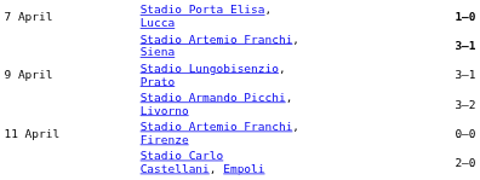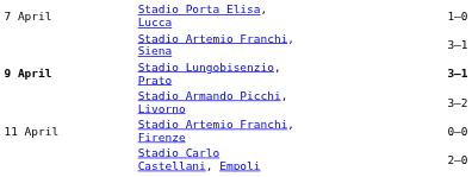 <table cellspacing=1 width=70%>
 <tr>
 <th width=25%></th>
 <th width=30%></th>
 <th width=15%></th>
 <th width=30%></th>
 </tr>
 <tr>
 <td>7 April</td>
 <td><a href='#'>Stadio Porta Elisa</a>, <a href='#'>Lucca</a></td>
 <td align=right></td>
-<td align=center><strong>1–0</strong></td>
+<td align=center>1–0</td>
 <td></td>
 </tr>
 <tr>
 <td></td>
 <td><a href='#'> Stadio Artemio Franchi</a>, <a href='#'>Siena</a></td>
 <td align=right></td>
-<td align=center><strong>3–1</strong></td>
+<td align=center>3–1</td>
 <td></td>
 </tr>
 <tr>
-<td>9 April</td>
+<td><strong>9 April</strong></td>
 <td><a href='#'>Stadio Lungobisenzio</a>, <a href='#'>Prato</a></td>
 <td align=right></td>
-<td align=center>3–1</td>
+<td align=center><strong>3–1</strong></td>
 <td></td>
 </tr>
 <tr>
 <td></td>
 <td><a href='#'>Stadio Armando Picchi</a>, <a href='#'>Livorno</a></td>
 <td align=right></td>
 <td align=center>3–2</td>
 <td></td>
 </tr>
 <tr>
 <td>11 April</td>
 <td><a href='#'>Stadio Artemio Franchi</a>, <a href='#'>Firenze</a></td>
 <td align=right></td>
 <td align=center>0–0</td>
 <td></td>
 </tr>
 <tr>
 <td></td>
 <td><a href='#'>Stadio Carlo Castellani</a>, <a href='#'>Empoli</a></td>
 <td align=right></td>
 <td align=center>2–0</td>
 <td></td>
 </tr>
 </table>
